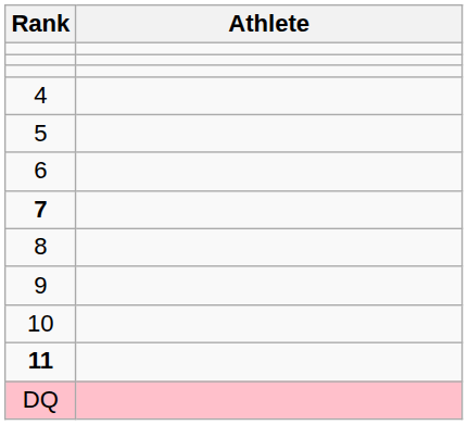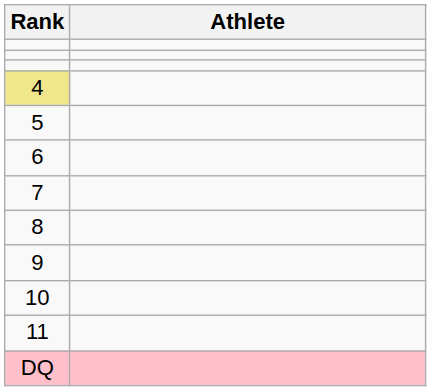 <table class="wikitable" style="text-align: center;">
 <tr>
 <th width=40>Rank</th>
 <th width=250>Athlete</th>
 </tr>
 <tr>
 <td></td>
 <td align="left"></td>
 </tr>
 <tr>
 <td></td>
 <td align="left"></td>
 </tr>
 <tr>
 <td></td>
 <td align="left"></td>
 </tr>
 <tr>
-<td>4</td>
+<td style="background: khaki;">4</td>
 <td align="left"></td>
 </tr>
 <tr>
 <td>5</td>
 <td align="left"></td>
 </tr>
 <tr>
 <td>6</td>
 <td align="left"></td>
 </tr>
 <tr>
-<td><strong>7</strong></td>
+<td>7</td>
 <td align="left"></td>
 </tr>
 <tr>
 <td>8</td>
 <td align="left"></td>
 </tr>
 <tr>
 <td>9</td>
 <td align="left"></td>
 </tr>
 <tr>
 <td>10</td>
 <td align="left"></td>
 </tr>
 <tr>
-<td><strong>11</strong></td>
+<td>11</td>
 <td align="left"></td>
 </tr>
 <tr bgcolor=pink>
 <td>DQ</td>
 <td align="left"></td>
 </tr>
 </table>
